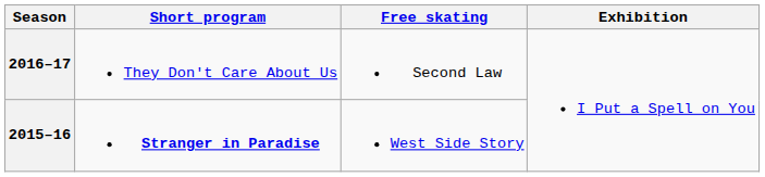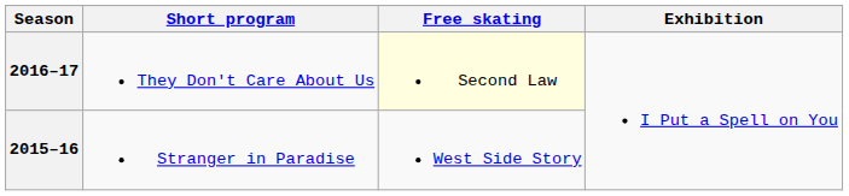 <table class="wikitable" style="text-align:center">
 <tr>
 <th>Season</th>
 <th><a href='#'>Short program</a></th>
 <th><a href='#'>Free skating</a></th>
 <th>Exhibition</th>
 </tr>
 <tr>
 <th>2016–17 <br> </th>
 <td><br><ul><li><a href='#'>They Don't Care About Us</a> <br></li></ul></td>
-<td><br><ul><li>Second Law <br></li></ul></td>
+<td style="background: lightyellow;"><br><ul><li>Second Law <br></li></ul></td>
 <td rowspan="2"><br><ul><li><a href='#'>I Put a Spell on You</a> <br></li></ul></td>
 </tr>
 <tr>
 <th>2015–16 <br> </th>
-<td><strong><br><ul><li><a href='#'>Stranger in Paradise</a> <br></li></ul></strong></td>
+<td><br><ul><li><a href='#'>Stranger in Paradise</a> <br></li></ul></td>
 <td><br><ul><li><a href='#'>West Side Story</a> <br></li></ul></td>
 </tr>
 </table>
